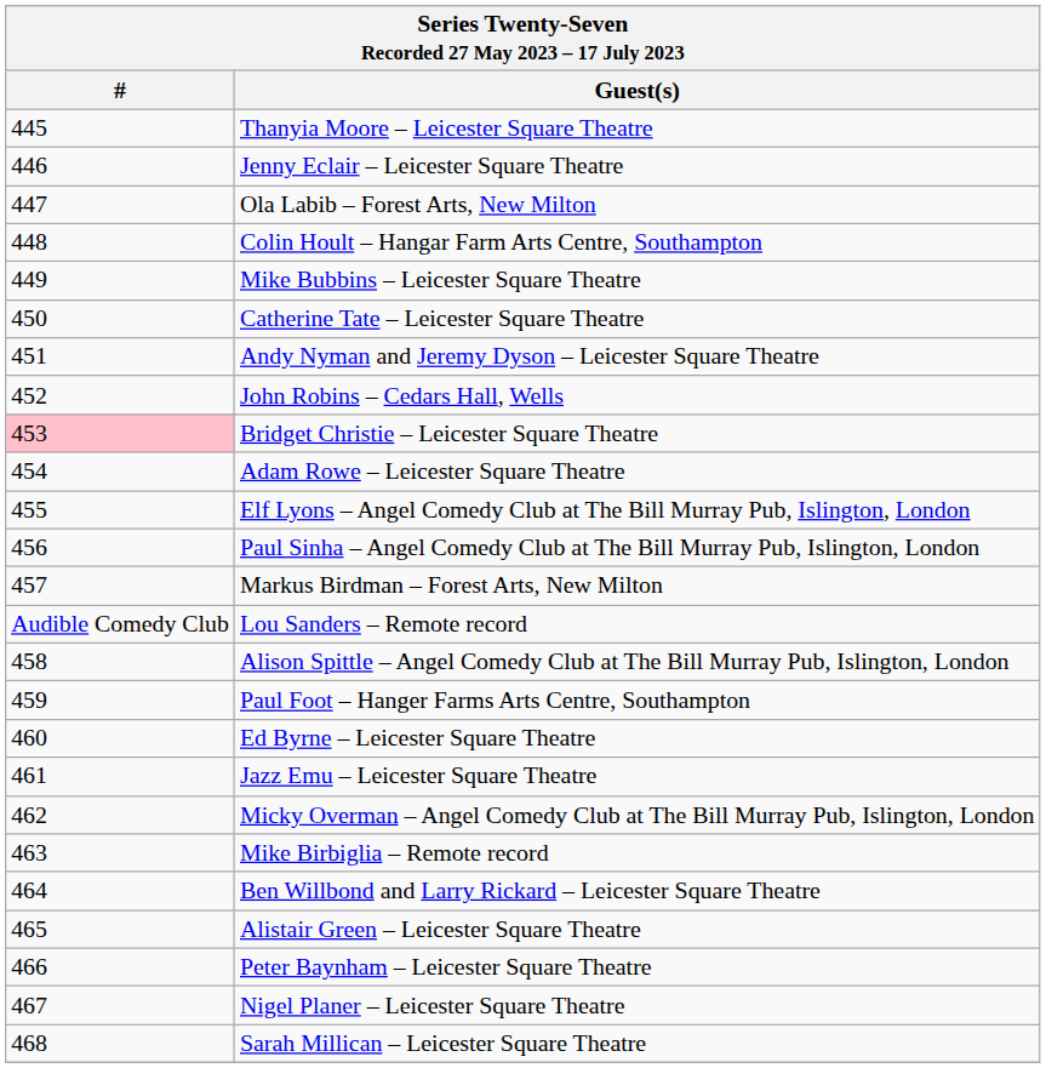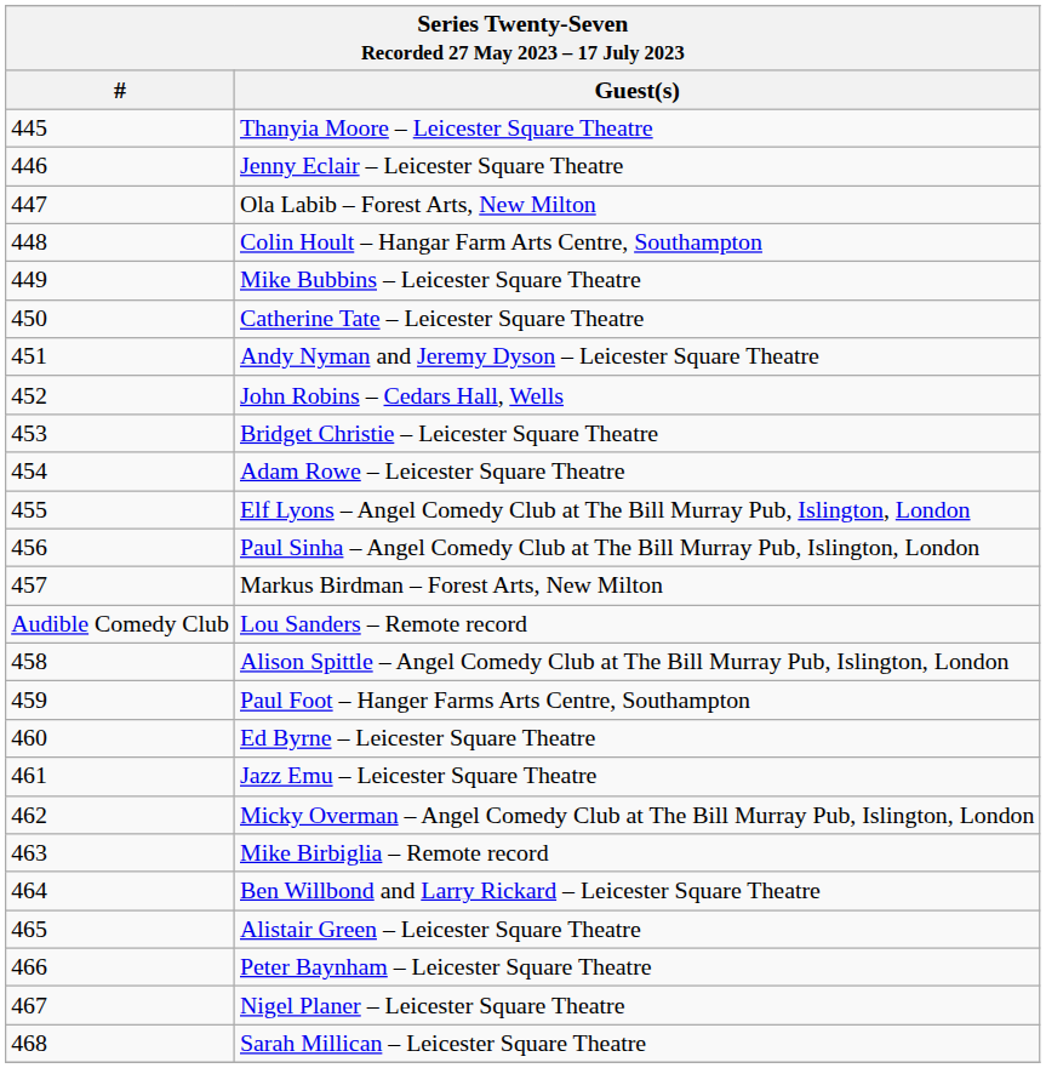 <table class="wikitable">
 <tr>
 </tr>
 <tr>
 <th colspan="3">Series Twenty-Seven<br><small>Recorded 27 May 2023 – 17 July 2023 </small></th>
 </tr>
 <tr>
 <th>#</th>
 <th>Guest(s)</th>
 </tr>
 <tr>
 <td>445</td>
 <td><a href='#'>Thanyia Moore</a> – <a href='#'>Leicester Square Theatre</a></td>
 </tr>
 <tr>
 <td>446</td>
 <td><a href='#'>Jenny Eclair</a> – Leicester Square Theatre</td>
 </tr>
 <tr>
 <td>447</td>
 <td>Ola Labib – Forest Arts, <a href='#'>New Milton</a></td>
 </tr>
 <tr>
 <td>448</td>
 <td><a href='#'>Colin Hoult</a> – Hangar Farm Arts Centre, <a href='#'>Southampton</a></td>
 </tr>
 <tr>
 <td>449</td>
 <td><a href='#'>Mike Bubbins</a> – Leicester Square Theatre</td>
 </tr>
 <tr>
 <td>450</td>
 <td><a href='#'>Catherine Tate</a> – Leicester Square Theatre</td>
 </tr>
 <tr>
 <td>451</td>
 <td><a href='#'>Andy Nyman</a> and <a href='#'>Jeremy Dyson</a> – Leicester Square Theatre</td>
 </tr>
 <tr>
 <td>452</td>
 <td><a href='#'>John Robins</a> – <a href='#'>Cedars Hall</a>, <a href='#'>Wells</a></td>
 </tr>
 <tr>
-<td style="background: pink;">453</td>
+<td>453</td>
 <td><a href='#'>Bridget Christie</a> – Leicester Square Theatre</td>
 </tr>
 <tr>
 <td>454</td>
 <td><a href='#'>Adam Rowe</a> – Leicester Square Theatre</td>
 </tr>
 <tr>
 <td>455</td>
 <td><a href='#'>Elf Lyons</a> – Angel Comedy Club at The Bill Murray Pub, <a href='#'>Islington</a>, <a href='#'>London</a></td>
 </tr>
 <tr>
 <td>456</td>
 <td><a href='#'>Paul Sinha</a> – Angel Comedy Club at The Bill Murray Pub, Islington, London</td>
 </tr>
 <tr>
 <td>457</td>
 <td>Markus Birdman – Forest Arts, New Milton</td>
 </tr>
 <tr>
 <td><a href='#'>Audible</a> Comedy Club</td>
 <td><a href='#'>Lou Sanders</a> – Remote record</td>
 </tr>
 <tr>
 <td>458</td>
 <td><a href='#'>Alison Spittle</a> –  Angel Comedy Club at The Bill Murray Pub, Islington, London</td>
 </tr>
 <tr>
 <td>459</td>
 <td><a href='#'>Paul Foot</a> – Hanger Farms Arts Centre, Southampton</td>
 </tr>
 <tr>
 <td>460</td>
 <td><a href='#'>Ed Byrne</a> – Leicester Square Theatre</td>
 </tr>
 <tr>
 <td>461</td>
 <td><a href='#'>Jazz Emu</a> – Leicester Square Theatre</td>
 </tr>
 <tr>
 <td>462</td>
 <td><a href='#'>Micky Overman</a> –  Angel Comedy Club at The Bill Murray Pub, Islington, London</td>
 </tr>
 <tr>
 <td>463</td>
 <td><a href='#'>Mike Birbiglia</a> – Remote record</td>
 </tr>
 <tr>
 <td>464</td>
 <td><a href='#'>Ben Willbond</a> and <a href='#'>Larry Rickard</a> – Leicester Square Theatre</td>
 </tr>
 <tr>
 <td>465</td>
 <td><a href='#'>Alistair Green</a> – Leicester Square Theatre</td>
 </tr>
 <tr>
 <td>466</td>
 <td><a href='#'>Peter Baynham</a> – Leicester Square Theatre</td>
 </tr>
 <tr>
 <td>467</td>
 <td><a href='#'>Nigel Planer</a> – Leicester Square Theatre</td>
 </tr>
 <tr>
 <td>468</td>
 <td><a href='#'>Sarah Millican</a> – Leicester Square Theatre</td>
 </tr>
 <tr>
 </tr>
 </table>
